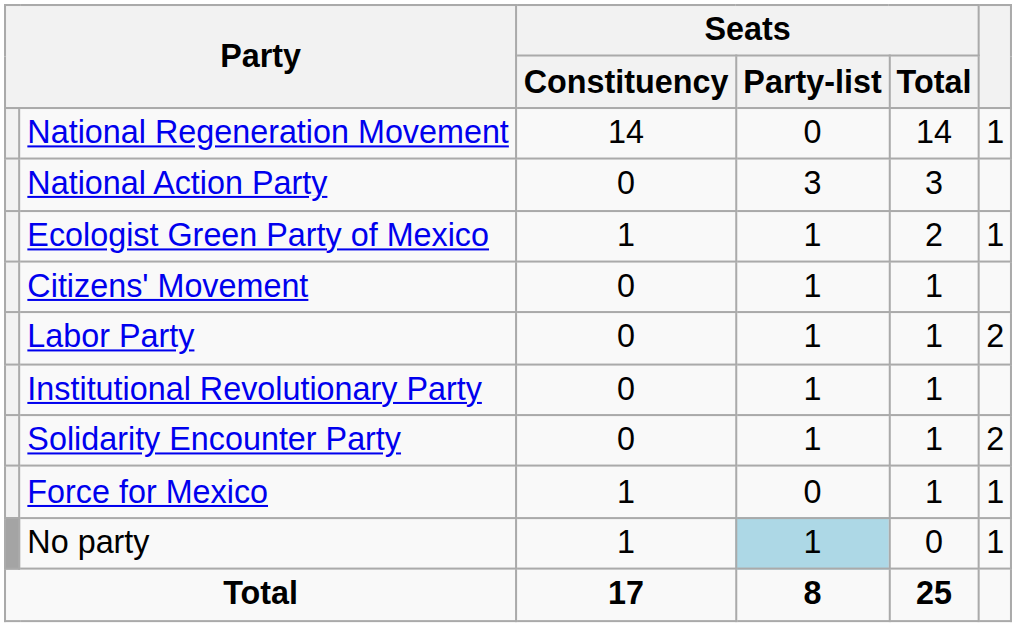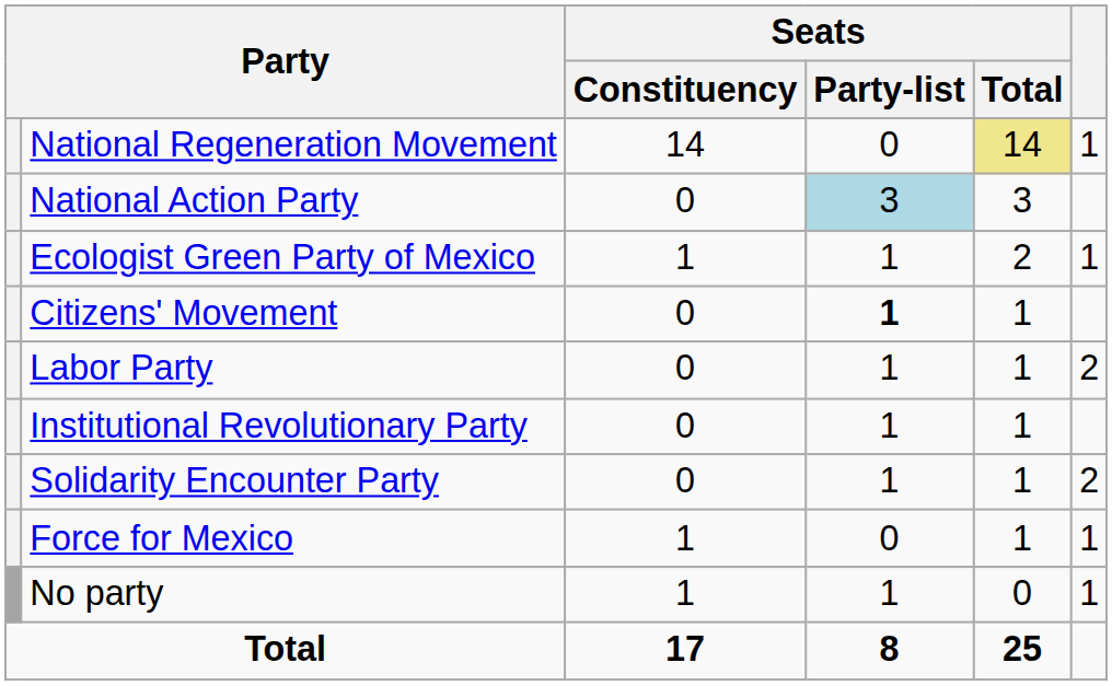 <table class="wikitable" style="text-align:center;">
 <tr>
 <th colspan="2" rowspan="2">Party</th>
 <th colspan="3">Seats</th>
 <th rowspan="2"></th>
 </tr>
 <tr>
 <th style="width:3em"><strong>Constituency</strong></th>
 <th>Party-list</th>
 <th>Total</th>
 </tr>
 <tr>
 <th style="background-color:"></th>
 <td style="text-align:left;"><a href='#'>National Regeneration Movement</a></td>
 <td>14</td>
 <td>0</td>
-<td>14</td>
+<td style="background: khaki;">14</td>
 <td> 1</td>
 </tr>
 <tr>
 <th style="background-color:"></th>
 <td style="text-align:left;"><a href='#'>National Action Party</a></td>
 <td>0</td>
-<td>3</td>
+<td style="background: lightblue;">3</td>
 <td>3</td>
 <td></td>
 </tr>
 <tr>
 <th style="background-color:"></th>
 <td style="text-align:left;"><a href='#'>Ecologist Green Party of Mexico</a></td>
 <td>1</td>
 <td>1</td>
 <td>2</td>
 <td> 1</td>
 </tr>
 <tr>
 <th style="background-color:"></th>
 <td style="text-align:left;"><a href='#'>Citizens' Movement</a></td>
 <td>0</td>
-<td>1</td>
+<td><strong>1</strong></td>
 <td>1</td>
 <td></td>
 </tr>
 <tr>
 <th style="background-color:"></th>
 <td style="text-align:left;"><a href='#'>Labor Party</a></td>
 <td>0</td>
 <td>1</td>
 <td>1</td>
 <td> 2</td>
 </tr>
 <tr>
 <th style="background-color:"></th>
 <td style="text-align:left;"><a href='#'>Institutional Revolutionary Party</a></td>
 <td>0</td>
 <td>1</td>
 <td>1</td>
 <td></td>
 </tr>
 <tr>
 <th style="background-color:"></th>
 <td style="text-align:left;"><a href='#'>Solidarity Encounter Party</a></td>
 <td>0</td>
 <td>1</td>
 <td>1</td>
 <td> 2</td>
 </tr>
 <tr>
 <th style="background-color:"></th>
 <td style="text-align:left;"><a href='#'>Force for Mexico</a></td>
 <td>1</td>
 <td>0</td>
 <td>1</td>
 <td> 1</td>
 </tr>
 <tr>
 <th style="background-color:#A4A4A4"></th>
 <td style="text-align:left;">No party</td>
 <td>1</td>
-<td style="background: lightblue;">1</td>
+<td>1</td>
 <td>0</td>
 <td> 1</td>
 </tr>
 <tr>
 <td colspan="2"><strong>Total</strong></td>
 <td><strong>17</strong></td>
 <td><strong>8</strong></td>
 <td><strong>25</strong></td>
 <td></td>
 </tr>
 </table>
